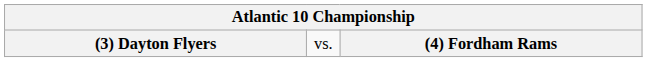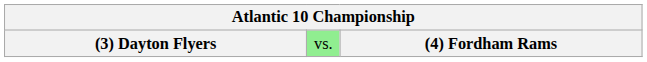 <table class="wikitable">
 <tr>
 <th style="width: 604px;" colspan=3>Atlantic 10 Championship</th>
 </tr>
 <tr>
 <th style="width: 289px; ">(3) Dayton Flyers</th>
-<td style="width: 25px; text-align:center">vs.</td>
+<td style="background: lightgreen; width: 25px; text-align:center">vs.</td>
 <th style="width: 289px; ">(4) Fordham Rams</th>
 </tr>
 </table>
